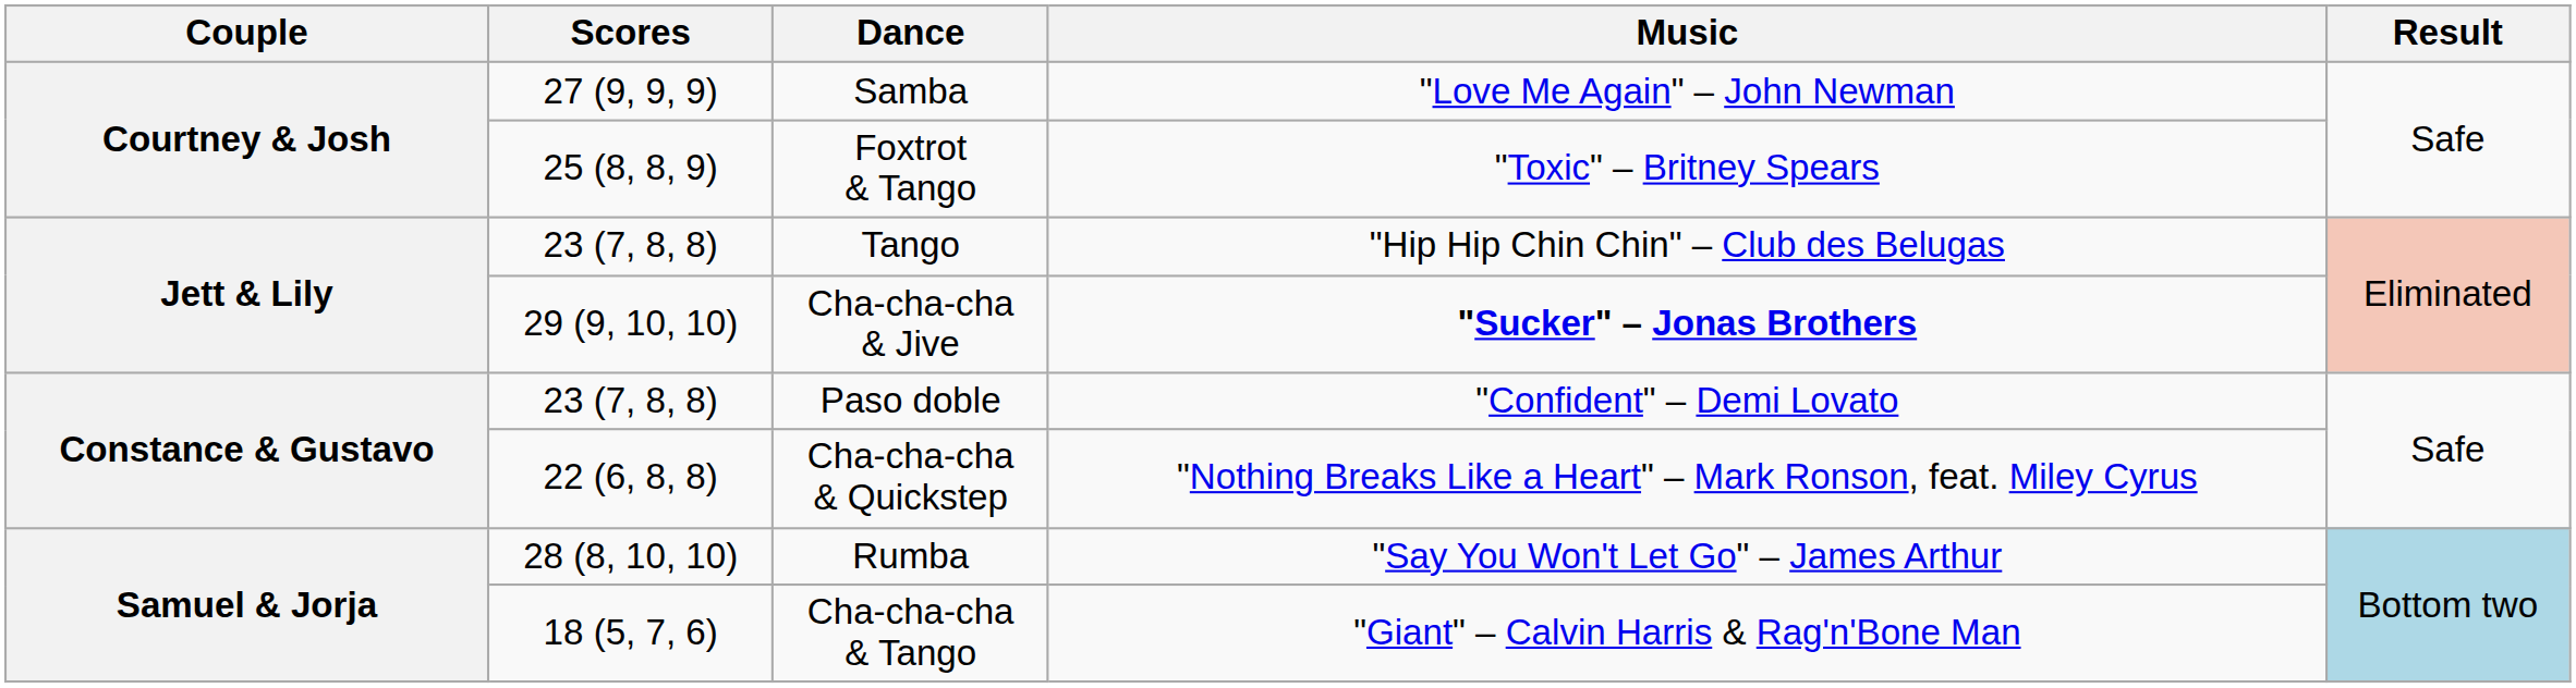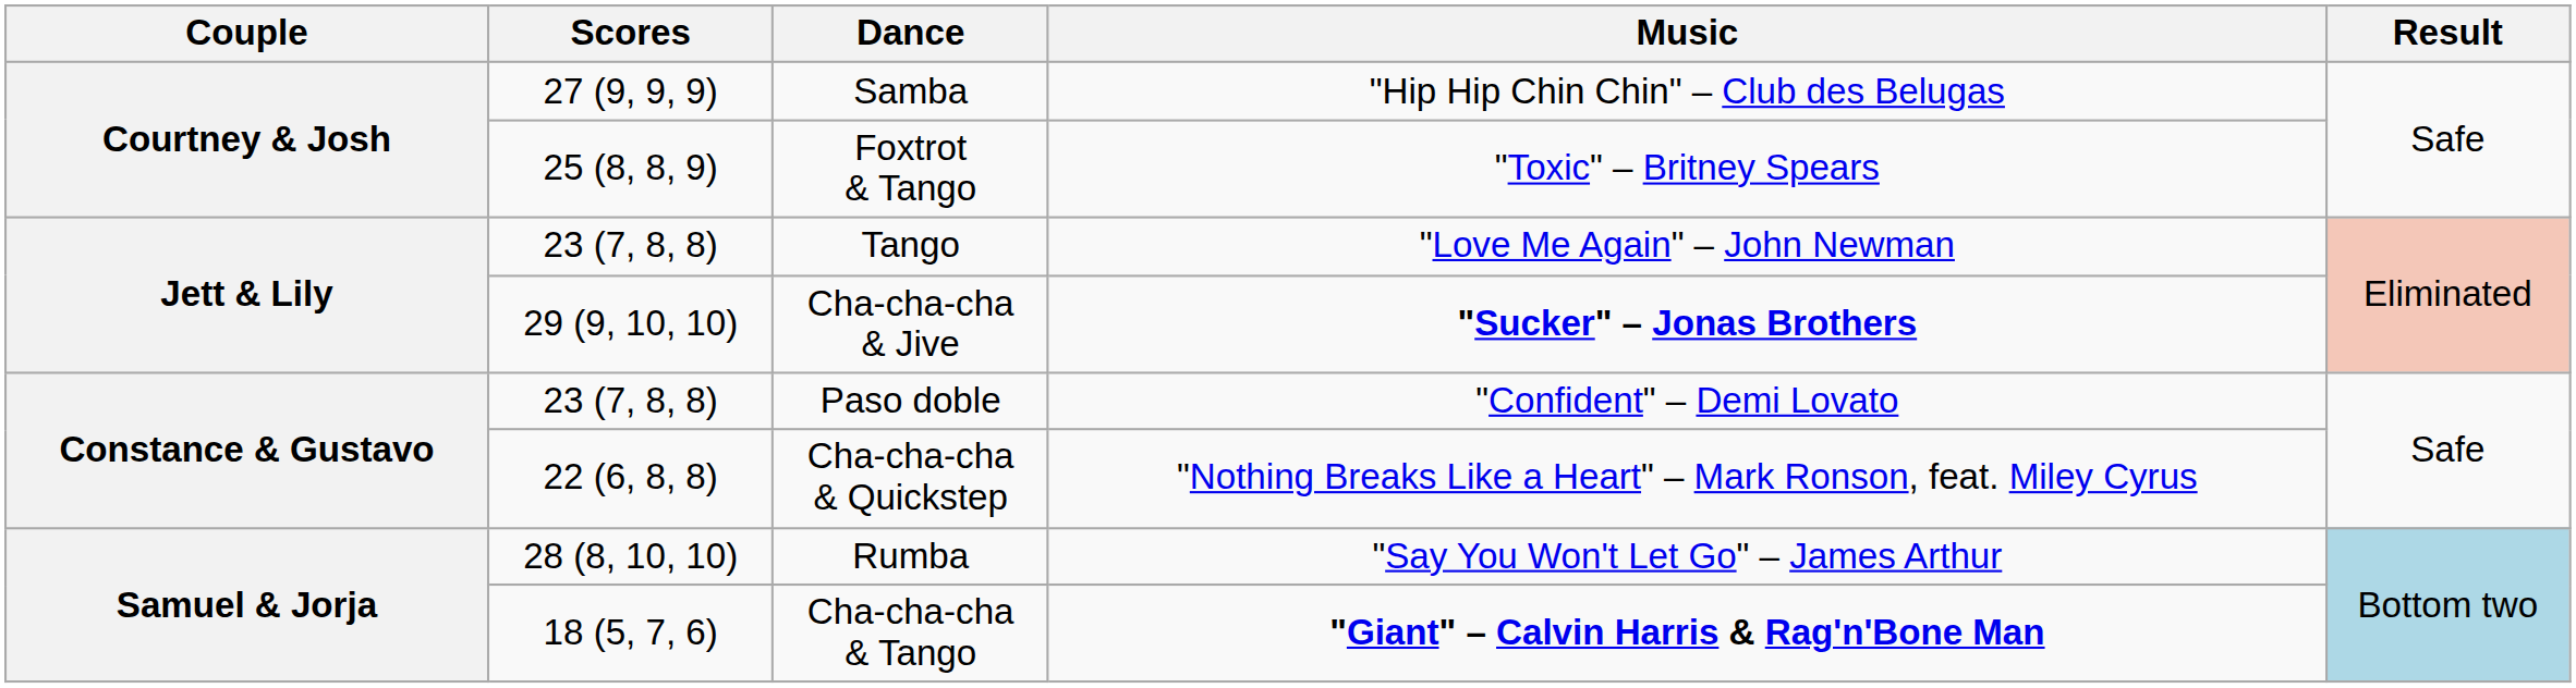 <table class="wikitable sortable" style="text-align:center; width: 90%">
 <tr>
 <th scope="col">Couple</th>
 <th scope="col">Scores</th>
 <th scope="col" class="unsortable">Dance</th>
 <th scope="col" class="unsortable">Music</th>
 <th scope="col" class="unsortable">Result</th>
 </tr>
 <tr>
 <th scope="row" rowspan="2">Courtney & Josh</th>
 <td>27 (9, 9, 9)</td>
 <td>Samba</td>
-<td>"<a href='#'>Love Me Again</a>" – <a href='#'>John Newman</a></td>
+<td>"Hip Hip Chin Chin" – <a href='#'>Club des Belugas</a></td>
 <td rowspan="2">Safe</td>
 </tr>
 <tr>
 <td>25 (8, 8, 9)</td>
 <td>Foxtrot<br>& Tango</td>
 <td>"<a href='#'>Toxic</a>" – <a href='#'>Britney Spears</a></td>
 </tr>
 <tr>
 <th scope="row" rowspan="2">Jett & Lily</th>
 <td>23 (7, 8, 8)</td>
 <td>Tango</td>
-<td>"Hip Hip Chin Chin" – <a href='#'>Club des Belugas</a></td>
+<td>"<a href='#'>Love Me Again</a>" – <a href='#'>John Newman</a></td>
 <td rowspan="2" bgcolor="f4c7b8">Eliminated</td>
 </tr>
 <tr>
 <td>29 (9, 10, 10)</td>
 <td>Cha-cha-cha<br>& Jive</td>
 <td><strong>"<a href='#'>Sucker</a>" – <a href='#'>Jonas Brothers</a></strong></td>
 </tr>
 <tr>
 <th scope="row" rowspan="2">Constance & Gustavo</th>
 <td>23 (7, 8, 8)</td>
 <td>Paso doble</td>
 <td>"<a href='#'>Confident</a>" – <a href='#'>Demi Lovato</a></td>
 <td rowspan="2">Safe</td>
 </tr>
 <tr>
 <td>22 (6, 8, 8)</td>
 <td>Cha-cha-cha<br>& Quickstep</td>
 <td>"<a href='#'>Nothing Breaks Like a Heart</a>" – <a href='#'>Mark Ronson</a>, feat. <a href='#'>Miley Cyrus</a></td>
 </tr>
 <tr>
 <th scope="row" rowspan="2">Samuel & Jorja</th>
 <td>28 (8, 10, 10)</td>
 <td>Rumba</td>
 <td>"<a href='#'>Say You Won't Let Go</a>" – <a href='#'>James Arthur</a></td>
 <td rowspan="2" bgcolor="lightblue">Bottom two</td>
 </tr>
 <tr>
 <td>18 (5, 7, 6)</td>
 <td>Cha-cha-cha<br>& Tango</td>
-<td>"<a href='#'>Giant</a>" – <a href='#'>Calvin Harris</a> & <a href='#'>Rag'n'Bone Man</a></td>
+<td><strong>"<a href='#'>Giant</a>" – <a href='#'>Calvin Harris</a> & <a href='#'>Rag'n'Bone Man</a></strong></td>
 </tr>
 </table>
